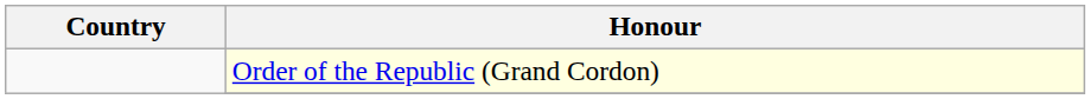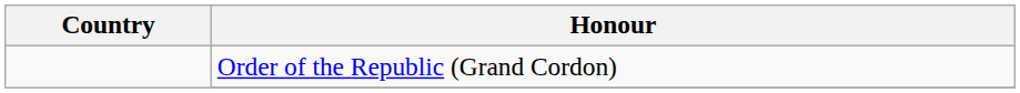 <table class="wikitable" style="width:100%;">
 <tr>
 <th>Country</th>
 <th>Honour</th>
 </tr>
 <tr>
 <td rowspan="3"></td>
-<td style="background: lightyellow;"><a href='#'>Order of the Republic</a> (Grand Cordon)</td>
+<td><a href='#'>Order of the Republic</a> (Grand Cordon)</td>
 </tr>
 <tr>
 </tr>
 </table>
